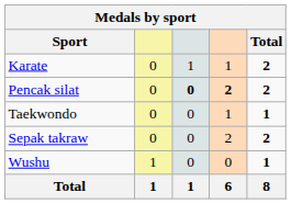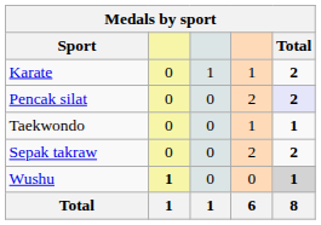 <table class="wikitable" style="font-size:90%; text-align:center;">
 <tr>
 <th colspan=5>Medals by sport</th>
 </tr>
 <tr>
 <th width=120>Sport</th>
 <th scope="col" width=30 style="background:#F7F6A8;"></th>
 <th scope="col" width=30 style="background:#DCE5E5;"></th>
 <th scope="col" width=30 style="background:#FFDAB9;"></th>
 <th width=30>Total</th>
 </tr>
 <tr>
 <td align=left><a href='#'>Karate</a></td>
 <td style="background:#F7F6A8;">0</td>
 <td style="background:#DCE5E5;">1</td>
 <td style="background:#FFDAB9;">1</td>
 <td><strong>2</strong></td>
 </tr>
 <tr>
 <td align=left><a href='#'>Pencak silat</a></td>
 <td style="background:#F7F6A8;">0</td>
-<td style="background:#DCE5E5;"><strong>0</strong></td>
-<td style="background:#FFDAB9;"><strong>2</strong></td>
-<td><strong>2</strong></td>
+<td style="background:#DCE5E5;">0</td>
+<td style="background:#FFDAB9;">2</td>
+<td style="background: lavender;"><strong>2</strong></td>
 </tr>
 <tr>
 <td align=left>Taekwondo</td>
 <td style="background:#F7F6A8;">0</td>
 <td style="background:#DCE5E5;">0</td>
 <td style="background:#FFDAB9;">1</td>
 <td><strong>1</strong></td>
 </tr>
 <tr>
 <td align=left><a href='#'>Sepak takraw</a></td>
 <td style="background:#F7F6A8;">0</td>
 <td style="background:#DCE5E5;">0</td>
 <td style="background:#FFDAB9;">2</td>
 <td><strong>2</strong></td>
 </tr>
 <tr>
 <td align=left><a href='#'>Wushu</a></td>
-<td style="background:#F7F6A8;">1</td>
+<td style="background:#F7F6A8;"><strong>1</strong></td>
 <td style="background:#DCE5E5;">0</td>
 <td style="background:#FFDAB9;">0</td>
-<td><strong>1</strong></td>
+<td style="background: lightgrey;"><strong>1</strong></td>
 </tr>
 <tr class="sortbottom">
 <th>Total</th>
 <th>1</th>
 <th>1</th>
 <th>6</th>
 <th>8</th>
 </tr>
 </table>
